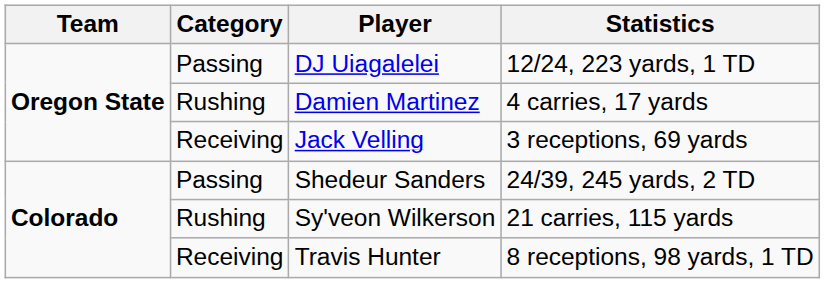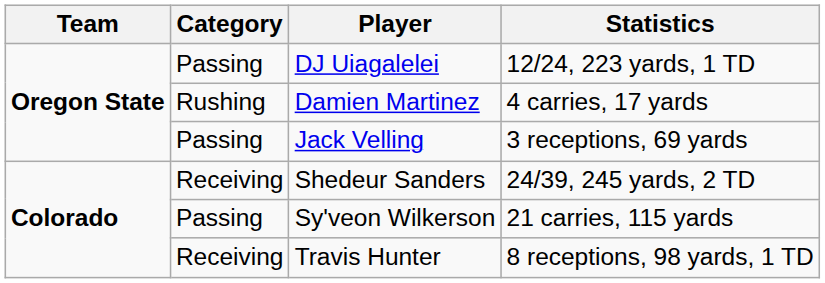 <table class="wikitable" style="float: right;">
 <tr>
 <th>Team</th>
 <th>Category</th>
 <th>Player</th>
 <th>Statistics</th>
 </tr>
 <tr>
 <td rowspan=3><strong>Oregon State</strong></td>
 <td>Passing</td>
 <td><a href='#'>DJ Uiagalelei</a></td>
 <td>12/24, 223 yards, 1 TD</td>
 </tr>
 <tr>
 <td>Rushing</td>
 <td><a href='#'>Damien Martinez</a></td>
 <td>4 carries, 17 yards</td>
 </tr>
 <tr>
-<td>Receiving</td>
+<td>Passing</td>
 <td><a href='#'>Jack Velling</a></td>
 <td>3 receptions, 69 yards</td>
 </tr>
 <tr>
 <td rowspan=3><strong>Colorado</strong></td>
-<td>Passing</td>
+<td>Receiving</td>
 <td>Shedeur Sanders</td>
 <td>24/39, 245 yards, 2 TD</td>
 </tr>
 <tr>
-<td>Rushing</td>
+<td>Passing</td>
 <td>Sy'veon Wilkerson</td>
 <td>21 carries, 115 yards</td>
 </tr>
 <tr>
 <td>Receiving</td>
 <td>Travis Hunter</td>
 <td>8 receptions, 98 yards, 1 TD</td>
 </tr>
 </table>
